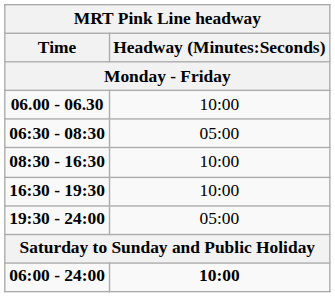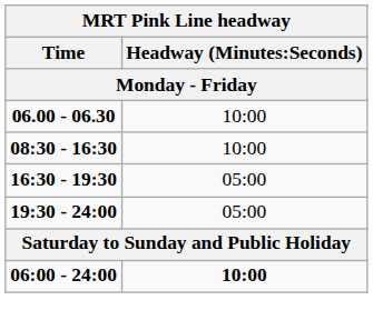 <table class="wikitable" style="margin:auto;font-align:center;text-align:center;font-size:80%;">
 <tr>
 <th colspan="2" style="background:#"><strong>MRT Pink Line headway</strong></th>
 </tr>
 <tr>
 <th style="background:#">Time</th>
 <th style="background:#">Headway (Minutes:Seconds)</th>
 </tr>
 <tr>
 <th colspan="2">Monday - Friday</th>
 </tr>
 <tr>
 <td><strong>06.00 - 06.30</strong></td>
 <td>10:00</td>
 </tr>
 <tr>
-<td><strong>06:30 - 08:30</strong></td>
-<td>05:00</td>
-</tr>
-<tr>
 <td><strong>08:30 - 16:30</strong></td>
 <td>10:00</td>
 </tr>
 <tr>
 <td><strong>16:30 - 19:30</strong></td>
-<td>10:00</td>
+<td>05:00</td>
 </tr>
 <tr>
 <td><strong>19:30 - 24:00</strong></td>
 <td>05:00</td>
 </tr>
 <tr>
 <th colspan="2">Saturday to Sunday and Public Holiday</th>
 </tr>
 <tr>
 <td><strong>06:00 - 24:00</strong></td>
 <td><strong>10:00</strong></td>
 </tr>
 </table>
